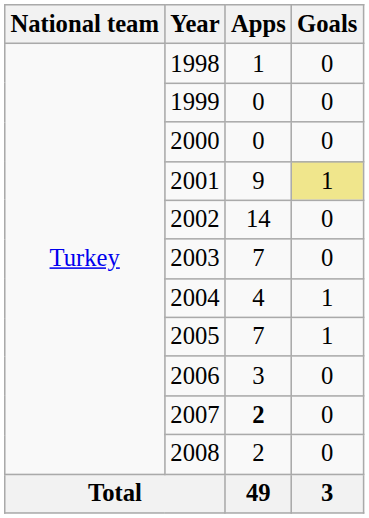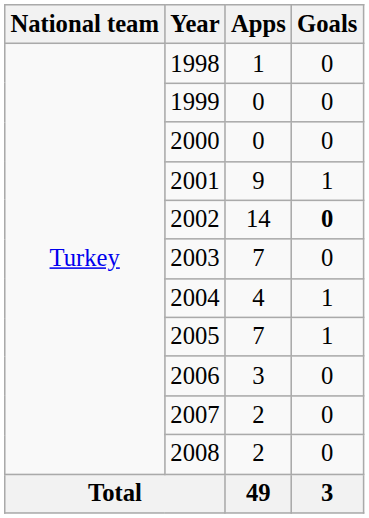 <table class="wikitable" style="text-align:center">
 <tr>
 <th>National team</th>
 <th>Year</th>
 <th>Apps</th>
 <th>Goals</th>
 </tr>
 <tr>
 <td rowspan="11"><a href='#'>Turkey</a></td>
 <td>1998</td>
 <td>1</td>
 <td>0</td>
 </tr>
 <tr>
 <td>1999</td>
 <td>0</td>
 <td>0</td>
 </tr>
 <tr>
 <td>2000</td>
 <td>0</td>
 <td>0</td>
 </tr>
 <tr>
 <td>2001</td>
 <td>9</td>
-<td style="background: khaki;">1</td>
+<td>1</td>
 </tr>
 <tr>
 <td>2002</td>
 <td>14</td>
-<td>0</td>
+<td><strong>0</strong></td>
 </tr>
 <tr>
 <td>2003</td>
 <td>7</td>
 <td>0</td>
 </tr>
 <tr>
 <td>2004</td>
 <td>4</td>
 <td>1</td>
 </tr>
 <tr>
 <td>2005</td>
 <td>7</td>
 <td>1</td>
 </tr>
 <tr>
 <td>2006</td>
 <td>3</td>
 <td>0</td>
 </tr>
 <tr>
 <td>2007</td>
-<td><strong>2</strong></td>
+<td>2</td>
 <td>0</td>
 </tr>
 <tr>
 <td>2008</td>
 <td>2</td>
 <td>0</td>
 </tr>
 <tr>
 <th colspan="2">Total</th>
 <th>49</th>
 <th>3</th>
 </tr>
 </table>
